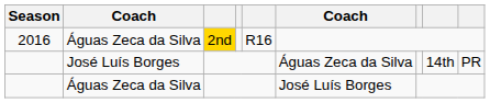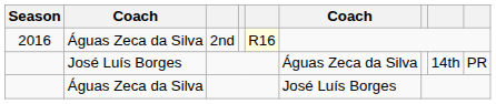 <table class="wikitable" style="text-align:center;">
 <tr>
 <th>Season</th>
 <th>Coach</th>
 <th></th>
 <th></th>
 <th></th>
 <th>Coach</th>
 <th></th>
 <th></th>
 <th></th>
 </tr>
 <tr>
 <td>2016</td>
 <td align=left> Águas Zeca da Silva</td>
-<td style="background: gold;">2nd</td>
+<td>2nd</td>
 <td></td>
-<td>R16</td>
+<td style="background: lightyellow;">R16</td>
 </tr>
 <tr>
 <td></td>
 <td align=left> José Luís Borges</td>
 <td colspan=3></td>
 <td align=left> Águas Zeca da Silva</td>
 <td></td>
 <td>14th</td>
 <td>PR</td>
 </tr>
 <tr>
 <td></td>
 <td align=left> Águas Zeca da Silva</td>
 <td colspan=3></td>
 <td align=left> José Luís Borges</td>
 </tr>
 </table>
